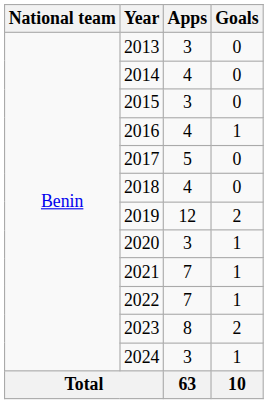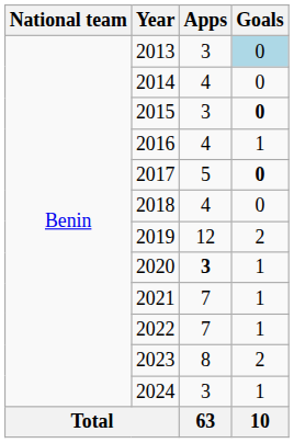 <table class="wikitable" style="text-align:center">
 <tr>
 <th>National team</th>
 <th>Year</th>
 <th>Apps</th>
 <th>Goals</th>
 </tr>
 <tr>
 <td rowspan="12"><a href='#'>Benin</a></td>
 <td>2013</td>
 <td>3</td>
-<td>0</td>
+<td style="background: lightblue;">0</td>
 </tr>
 <tr>
 <td>2014</td>
 <td>4</td>
 <td>0</td>
 </tr>
 <tr>
 <td>2015</td>
 <td>3</td>
-<td>0</td>
+<td><strong>0</strong></td>
 </tr>
 <tr>
 <td>2016</td>
 <td>4</td>
 <td>1</td>
 </tr>
 <tr>
 <td>2017</td>
 <td>5</td>
-<td>0</td>
+<td><strong>0</strong></td>
 </tr>
 <tr>
 <td>2018</td>
 <td>4</td>
 <td>0</td>
 </tr>
 <tr>
 <td>2019</td>
 <td>12</td>
 <td>2</td>
 </tr>
 <tr>
 <td>2020</td>
-<td>3</td>
+<td><strong>3</strong></td>
 <td>1</td>
 </tr>
 <tr>
 <td>2021</td>
 <td>7</td>
 <td>1</td>
 </tr>
 <tr>
 <td>2022</td>
 <td>7</td>
 <td>1</td>
 </tr>
 <tr>
 <td>2023</td>
 <td>8</td>
 <td>2</td>
 </tr>
 <tr>
 <td>2024</td>
 <td>3</td>
 <td>1</td>
 </tr>
 <tr>
 <th colspan="2">Total</th>
 <th>63</th>
 <th>10</th>
 </tr>
 </table>
